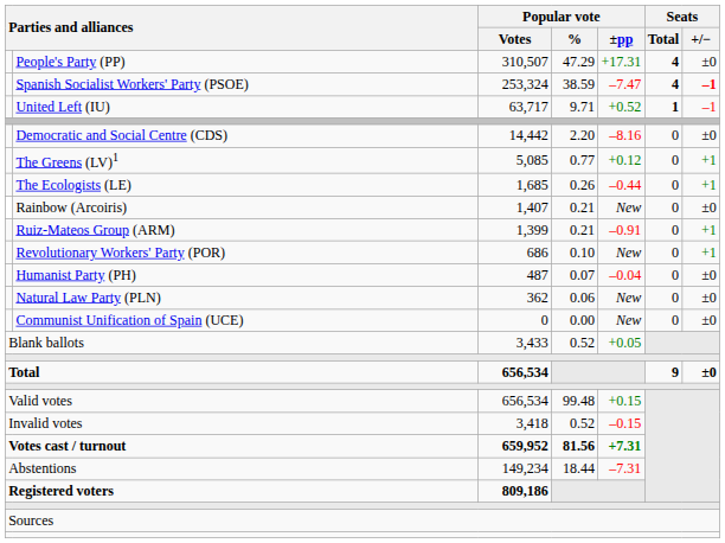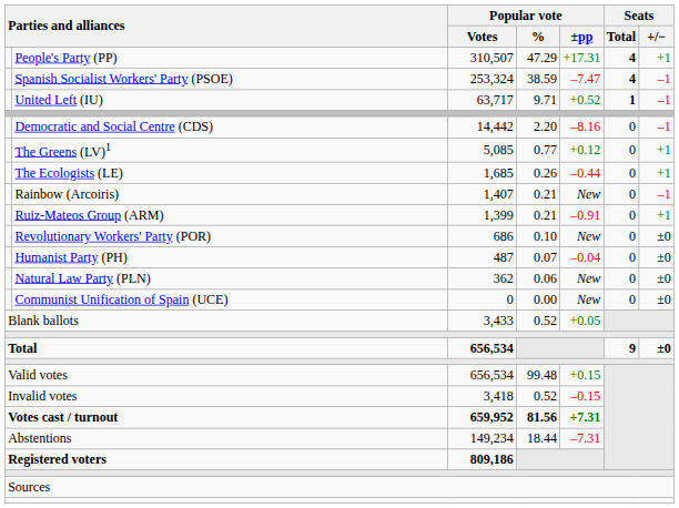 <table class="wikitable" style="text-align:right;">
 <tr>
 <th style="text-align:left;" rowspan="2" colspan="2" width="525">Parties and alliances</th>
 <th colspan="3">Popular vote</th>
 <th colspan="2">Seats</th>
 </tr>
 <tr>
 <th width="75">Votes</th>
 <th width="45">%</th>
 <th width="45">±<a href='#'>pp</a></th>
 <th width="35">Total</th>
 <th width="35">+/−</th>
 </tr>
 <tr>
 <td width="1" style="color:inherit;background:"></td>
 <td align="left"><a href='#'>People's Party</a> (PP)</td>
 <td>310,507</td>
 <td>47.29</td>
 <td style="color:green;">+17.31</td>
 <td><strong>4</strong></td>
-<td>±0</td>
+<td style="color:green;">+1</td>
 </tr>
 <tr>
 <td style="color:inherit;background:"></td>
 <td align="left"><a href='#'>Spanish Socialist Workers' Party</a> (PSOE)</td>
 <td>253,324</td>
 <td>38.59</td>
 <td style="color:red;">–7.47</td>
 <td><strong>4</strong></td>
-<td style="color:red;"><strong>–1</strong></td>
+<td style="color:red;">–1</td>
 </tr>
 <tr>
 <td style="color:inherit;background:"></td>
 <td align="left"><a href='#'>United Left</a> (IU)</td>
 <td>63,717</td>
 <td>9.71</td>
 <td style="color:green;">+0.52</td>
 <td><strong>1</strong></td>
 <td style="color:red;">–1</td>
 </tr>
 <tr>
 <td colspan="7" bgcolor="#C0C0C0"></td>
 </tr>
 <tr>
 <td style="color:inherit;background:"></td>
 <td align="left"><a href='#'>Democratic and Social Centre</a> (CDS)</td>
 <td>14,442</td>
 <td>2.20</td>
 <td style="color:red;">–8.16</td>
 <td>0</td>
-<td>±0</td>
+<td style="color:red;">–1</td>
 </tr>
 <tr>
 <td style="color:inherit;background:"></td>
 <td align="left"><a href='#'>The Greens</a> (LV)<sup>1</sup></td>
 <td>5,085</td>
 <td>0.77</td>
 <td style="color:green;">+0.12</td>
 <td>0</td>
 <td style="color:green;">+1</td>
 </tr>
 <tr>
 <td style="color:inherit;background:"></td>
 <td align="left"><a href='#'>The Ecologists</a> (LE)</td>
 <td>1,685</td>
 <td>0.26</td>
 <td style="color:red;">–0.44</td>
 <td>0</td>
 <td style="color:green;">+1</td>
 </tr>
 <tr>
 <td bgcolor="white"></td>
 <td align="left">Rainbow (Arcoiris)</td>
 <td>1,407</td>
 <td>0.21</td>
 <td><em>New</em></td>
 <td>0</td>
-<td>±0</td>
+<td style="color:red;">–1</td>
 </tr>
 <tr>
 <td style="color:inherit;background:"></td>
 <td align="left"><a href='#'>Ruiz-Mateos Group</a> (ARM)</td>
 <td>1,399</td>
 <td>0.21</td>
 <td style="color:red;">–0.91</td>
 <td>0</td>
 <td style="color:green;">+1</td>
 </tr>
 <tr>
 <td style="color:inherit;background:"></td>
 <td align="left"><a href='#'>Revolutionary Workers' Party</a> (POR)</td>
 <td>686</td>
 <td>0.10</td>
 <td><em>New</em></td>
 <td>0</td>
-<td style="color:green;">+1</td>
+<td>±0</td>
 </tr>
 <tr>
 <td style="color:inherit;background:"></td>
 <td align="left"><a href='#'>Humanist Party</a> (PH)</td>
 <td>487</td>
 <td>0.07</td>
 <td style="color:red;">–0.04</td>
 <td>0</td>
 <td>±0</td>
 </tr>
 <tr>
 <td style="color:inherit;background:"></td>
 <td align="left"><a href='#'>Natural Law Party</a> (PLN)</td>
 <td>362</td>
 <td>0.06</td>
 <td><em>New</em></td>
 <td>0</td>
 <td>±0</td>
 </tr>
 <tr>
 <td style="color:inherit;background:"></td>
 <td align="left"><a href='#'>Communist Unification of Spain</a> (UCE)</td>
 <td>0</td>
 <td>0.00</td>
 <td><em>New</em></td>
 <td>0</td>
 <td>±0</td>
 </tr>
 <tr>
 <td align="left" colspan="2">Blank ballots</td>
 <td>3,433</td>
 <td>0.52</td>
 <td style="color:green;">+0.05</td>
 <td bgcolor="#E9E9E9" colspan="2"></td>
 </tr>
 <tr>
 <td colspan="7" bgcolor="#E9E9E9"></td>
 </tr>
 <tr style="font-weight:bold;">
 <td align="left" colspan="2">Total</td>
 <td>656,534</td>
 <td bgcolor="#E9E9E9" colspan="2"></td>
 <td>9</td>
 <td>±0</td>
 </tr>
 <tr>
 <td colspan="7" bgcolor="#E9E9E9"></td>
 </tr>
 <tr>
 <td align="left" colspan="2">Valid votes</td>
 <td>656,534</td>
 <td>99.48</td>
 <td style="color:green;">+0.15</td>
 <td bgcolor="#E9E9E9" colspan="2" rowspan="5"></td>
 </tr>
 <tr>
 <td align="left" colspan="2">Invalid votes</td>
 <td>3,418</td>
 <td>0.52</td>
 <td style="color:red;">–0.15</td>
 </tr>
 <tr style="font-weight:bold;">
 <td align="left" colspan="2">Votes cast / turnout</td>
 <td>659,952</td>
 <td>81.56</td>
 <td style="color:green;">+7.31</td>
 </tr>
 <tr>
 <td align="left" colspan="2">Abstentions</td>
 <td>149,234</td>
 <td>18.44</td>
 <td style="color:red;">–7.31</td>
 </tr>
 <tr style="font-weight:bold;">
 <td align="left" colspan="2">Registered voters</td>
 <td>809,186</td>
 <td bgcolor="#E9E9E9" colspan="2"></td>
 </tr>
 <tr>
 <td colspan="7" bgcolor="#E9E9E9"></td>
 </tr>
 <tr>
 <td align="left" colspan="7">Sources</td>
 </tr>
 <tr>
 <td colspan="7" style="text-align:left; max-width:790px;"></td>
 </tr>
 </table>
